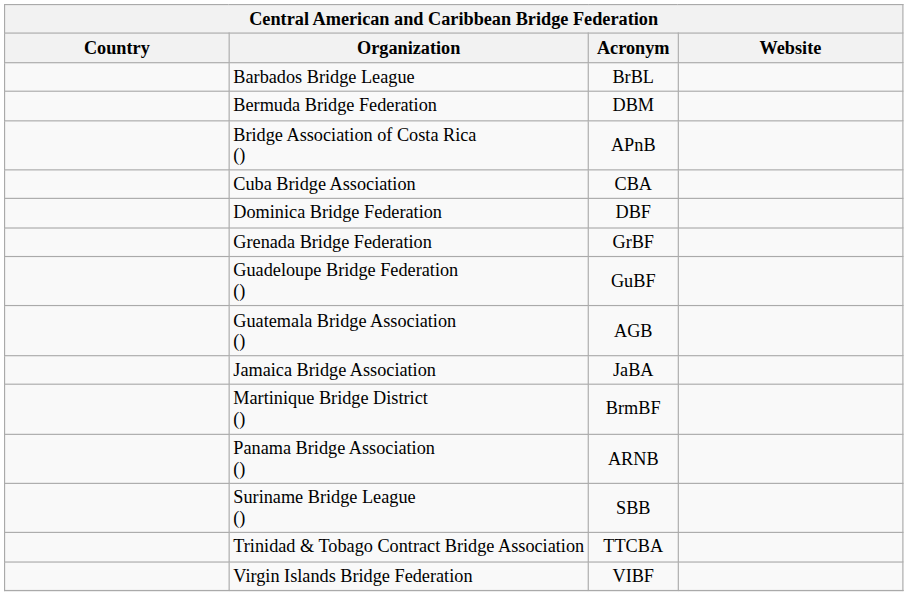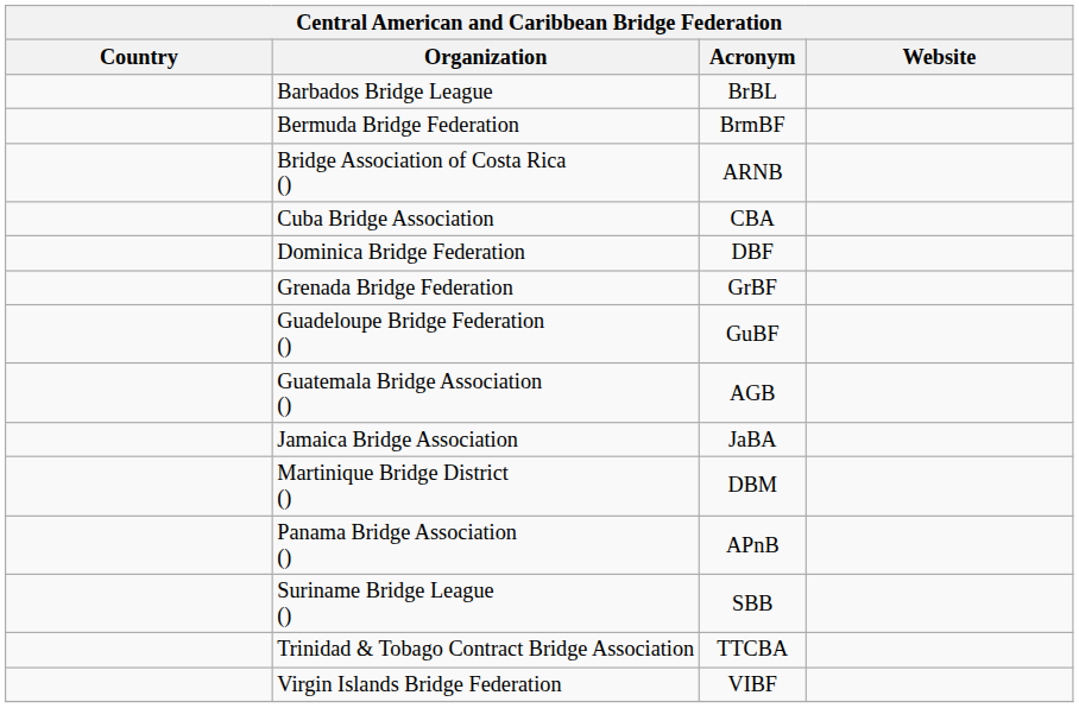 <table class="wikitable">
 <tr>
 <th colspan=5>Central American and Caribbean Bridge Federation</th>
 </tr>
 <tr>
 <th width="25%">Country</th>
 <th width="40%">Organization</th>
 <th width="10%">Acronym</th>
 <th width="25%">Website</th>
 </tr>
 <tr>
 <td></td>
 <td>Barbados Bridge League</td>
 <td align=center>BrBL</td>
 <td></td>
 </tr>
 <tr>
 <td></td>
 <td>Bermuda Bridge Federation</td>
-<td align=center>DBM</td>
+<td align=center>BrmBF</td>
 <td></td>
 </tr>
 <tr>
 <td></td>
 <td>Bridge Association of Costa Rica<br>()</td>
-<td align=center>APnB</td>
+<td align=center>ARNB</td>
 <td></td>
 </tr>
 <tr>
 <td></td>
 <td>Cuba Bridge Association<br></td>
 <td align=center>CBA</td>
 <td></td>
 </tr>
 <tr>
 <td></td>
 <td>Dominica Bridge Federation</td>
 <td align=center>DBF</td>
 <td></td>
 </tr>
 <tr>
 <td></td>
 <td>Grenada Bridge Federation</td>
 <td align=center>GrBF</td>
 <td></td>
 </tr>
 <tr>
 <td></td>
 <td>Guadeloupe Bridge Federation<br>()</td>
 <td align=center>GuBF</td>
 <td></td>
 </tr>
 <tr>
 <td></td>
 <td>Guatemala Bridge Association<br>()</td>
 <td align=center>AGB</td>
 <td></td>
 </tr>
 <tr>
 <td></td>
 <td>Jamaica Bridge Association</td>
 <td align=center>JaBA</td>
 <td></td>
 </tr>
 <tr>
 <td></td>
 <td>Martinique Bridge District<br>()</td>
-<td align=center>BrmBF</td>
+<td align=center>DBM</td>
 <td></td>
 </tr>
 <tr>
 <td></td>
 <td>Panama Bridge Association<br>()</td>
-<td align=center>ARNB</td>
+<td align=center>APnB</td>
 <td></td>
 </tr>
 <tr>
 <td></td>
 <td>Suriname Bridge League<br>()</td>
 <td align=center>SBB</td>
 <td></td>
 </tr>
 <tr>
 <td></td>
 <td>Trinidad & Tobago Contract Bridge Association</td>
 <td align=center>TTCBA</td>
 <td></td>
 </tr>
 <tr>
 <td></td>
 <td>Virgin Islands Bridge Federation</td>
 <td align=center>VIBF</td>
 <td></td>
 </tr>
 <tr>
 </tr>
 </table>
